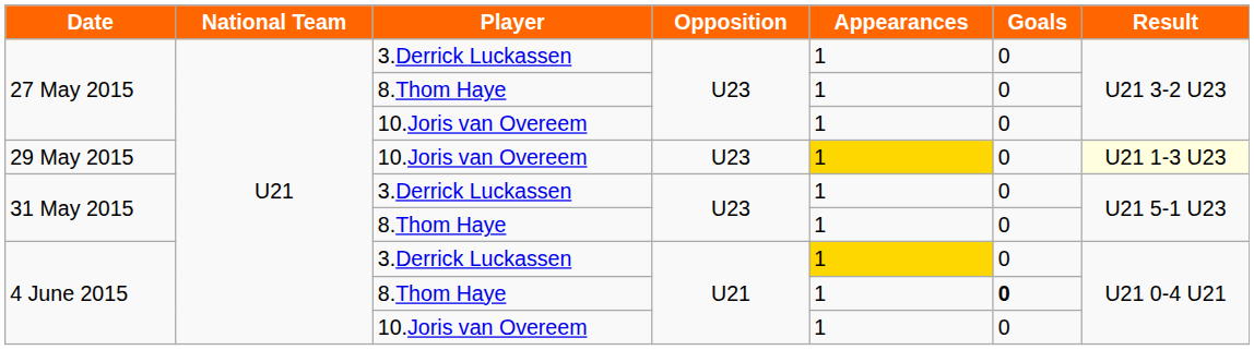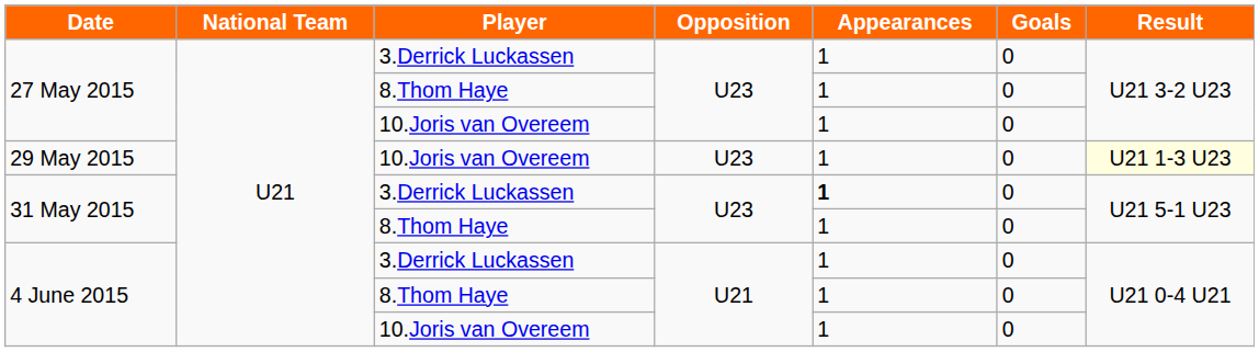 <table class="wikitable sortable" style="font-size: 95%; width: 100%; text-align: left">
 <tr>
 <th style="background:#f60; color:white; text-align:center;">Date</th>
 <th style="background:#f60; color:white; text-align:center;">National Team</th>
 <th style="background:#f60; color:white; text-align:center;">Player</th>
 <th style="background:#f60; color:white; text-align:center;">Opposition</th>
 <th style="background:#f60; color:white; text-align:center;">Appearances</th>
 <th style="background:#f60; color:white; text-align:center;">Goals</th>
 <th style="background:#f60; color:white; text-align:center;">Result</th>
 </tr>
 <tr>
 <td rowspan=3>27 May 2015</td>
 <td style="text-align: center;" rowspan=9>U21</td>
 <td>3.<a href='#'>Derrick Luckassen</a></td>
 <td style="text-align: center;" rowspan=3>U23</td>
 <td>1</td>
 <td>0</td>
 <td style="text-align: center;" rowspan=3>U21 3-2 U23</td>
 </tr>
 <tr>
 <td>8.<a href='#'>Thom Haye</a></td>
 <td>1</td>
 <td>0</td>
 </tr>
 <tr>
 <td>10.<a href='#'>Joris van Overeem</a></td>
 <td>1</td>
 <td>0</td>
 </tr>
 <tr>
 <td>29 May 2015</td>
 <td>10.<a href='#'>Joris van Overeem</a></td>
 <td style="text-align:center;">U23</td>
-<td style="background: gold;">1</td>
+<td>1</td>
 <td>0</td>
 <td style="background: lightyellow; text-align:center;">U21 1-3 U23</td>
 </tr>
 <tr>
 <td rowspan=2>31 May 2015</td>
 <td>3.<a href='#'>Derrick Luckassen</a></td>
 <td style="text-align: center;" rowspan=2>U23</td>
-<td>1</td>
+<td><strong>1</strong></td>
 <td>0</td>
 <td style="text-align: center;" rowspan=2>U21 5-1 U23</td>
 </tr>
 <tr>
 <td>8.<a href='#'>Thom Haye</a></td>
 <td>1</td>
 <td>0</td>
 </tr>
 <tr>
 <td rowspan=3>4 June 2015</td>
 <td>3.<a href='#'>Derrick Luckassen</a></td>
 <td style="text-align: center;" rowspan=3>U21</td>
-<td style="background: gold;">1</td>
+<td>1</td>
 <td>0</td>
 <td style="text-align: center;" rowspan=3>U21 0-4 U21</td>
 </tr>
 <tr>
 <td>8.<a href='#'>Thom Haye</a></td>
 <td>1</td>
-<td><strong>0</strong></td>
+<td>0</td>
 </tr>
 <tr>
 <td>10.<a href='#'>Joris van Overeem</a></td>
 <td>1</td>
 <td>0</td>
 </tr>
 </table>
